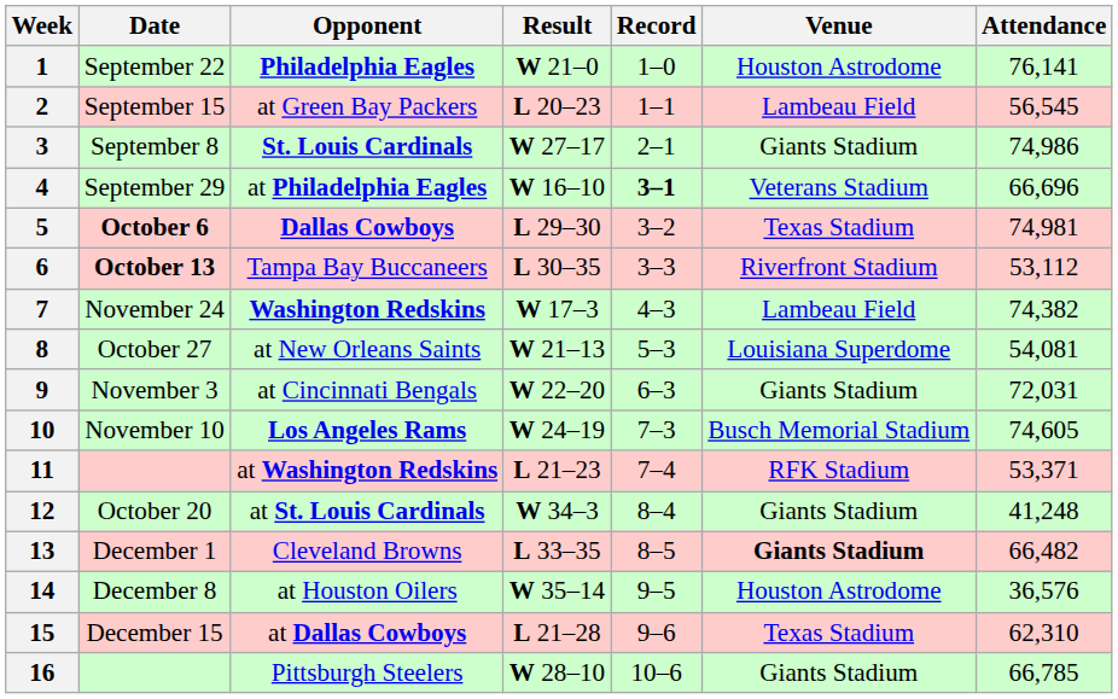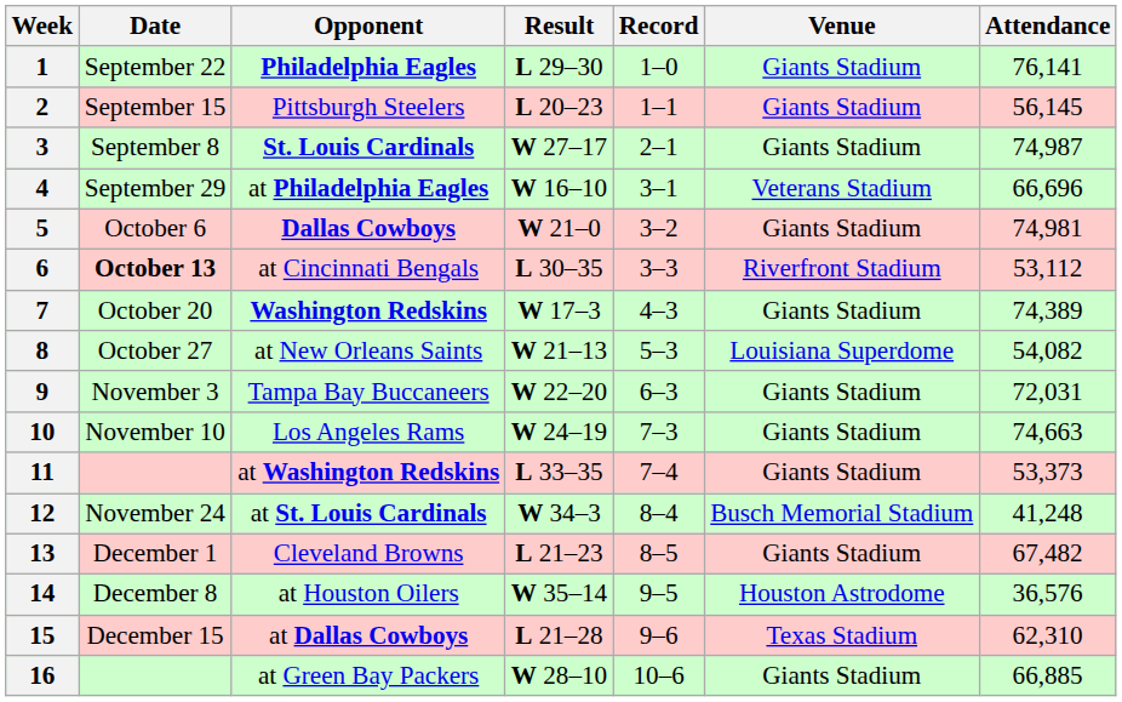 <table class="wikitable" style="text-align:center">
 <tr>
 <th>Week</th>
 <th>Date</th>
 <th>Opponent</th>
 <th>Result</th>
 <th>Record</th>
 <th>Venue</th>
 <th>Attendance</th>
 </tr>
 <tr style="background:#cfc">
 <th>1</th>
 <td>September 22</td>
 <td><strong><a href='#'>Philadelphia Eagles</a></strong></td>
-<td><strong>W</strong> 21–0</td>
+<td><strong>L</strong> 29–30</td>
 <td>1–0</td>
-<td><a href='#'>Houston Astrodome</a></td>
+<td><a href='#'>Giants Stadium</a></td>
 <td>76,141</td>
 </tr>
 <tr style="background:#fcc">
 <th>2</th>
 <td>September 15</td>
-<td>at <a href='#'>Green Bay Packers</a></td>
+<td><a href='#'>Pittsburgh Steelers</a></td>
 <td><strong>L</strong> 20–23</td>
 <td>1–1</td>
-<td><a href='#'>Lambeau Field</a></td>
-<td>56,545</td>
+<td><a href='#'>Giants Stadium</a></td>
+<td>56,145</td>
 </tr>
 <tr style="background:#cfc">
 <th>3</th>
 <td>September 8</td>
 <td><strong><a href='#'>St. Louis Cardinals</a></strong></td>
 <td><strong>W</strong> 27–17</td>
 <td>2–1</td>
 <td>Giants Stadium</td>
-<td>74,986</td>
+<td>74,987</td>
 </tr>
 <tr style="background:#cfc">
 <th>4</th>
 <td>September 29</td>
 <td>at <strong><a href='#'>Philadelphia Eagles</a></strong></td>
 <td><strong>W</strong> 16–10</td>
-<td><strong>3–1</strong></td>
+<td>3–1</td>
 <td><a href='#'>Veterans Stadium</a></td>
 <td>66,696</td>
 </tr>
 <tr style="background:#fcc">
 <th>5</th>
-<td><strong>October 6</strong></td>
+<td>October 6</td>
 <td><strong><a href='#'>Dallas Cowboys</a></strong></td>
-<td><strong>L</strong> 29–30</td>
+<td><strong>W</strong> 21–0</td>
 <td>3–2</td>
-<td><a href='#'>Texas Stadium</a></td>
+<td>Giants Stadium</td>
 <td>74,981</td>
 </tr>
 <tr style="background:#fcc">
 <th>6</th>
 <td><strong>October 13</strong></td>
-<td><a href='#'>Tampa Bay Buccaneers</a></td>
+<td>at <a href='#'>Cincinnati Bengals</a></td>
 <td><strong>L</strong> 30–35</td>
 <td>3–3</td>
 <td><a href='#'>Riverfront Stadium</a></td>
 <td>53,112</td>
 </tr>
 <tr style="background:#cfc">
 <th>7</th>
-<td>November 24</td>
+<td>October 20</td>
 <td><strong><a href='#'>Washington Redskins</a></strong></td>
 <td><strong>W</strong> 17–3</td>
 <td>4–3</td>
-<td><a href='#'>Lambeau Field</a></td>
-<td>74,382</td>
+<td>Giants Stadium</td>
+<td>74,389</td>
 </tr>
 <tr style="background:#cfc">
 <th>8</th>
 <td>October 27</td>
 <td>at <a href='#'>New Orleans Saints</a></td>
 <td><strong>W</strong> 21–13</td>
 <td>5–3</td>
 <td><a href='#'>Louisiana Superdome</a></td>
-<td>54,081</td>
+<td>54,082</td>
 </tr>
 <tr style="background:#cfc">
 <th>9</th>
 <td>November 3</td>
-<td>at <a href='#'>Cincinnati Bengals</a></td>
+<td><a href='#'>Tampa Bay Buccaneers</a></td>
 <td><strong>W</strong> 22–20</td>
 <td>6–3</td>
 <td>Giants Stadium</td>
 <td>72,031</td>
 </tr>
 <tr style="background:#cfc">
 <th>10</th>
 <td>November 10</td>
-<td><strong><a href='#'>Los Angeles Rams</a></strong></td>
+<td><a href='#'>Los Angeles Rams</a></td>
 <td><strong>W</strong> 24–19</td>
 <td>7–3</td>
-<td><a href='#'>Busch Memorial Stadium</a></td>
-<td>74,605</td>
+<td>Giants Stadium</td>
+<td>74,663</td>
 </tr>
 <tr style="background:#fcc">
 <th>11</th>
 <td></td>
 <td>at <strong><a href='#'>Washington Redskins</a></strong></td>
-<td><strong>L</strong> 21–23</td>
+<td><strong>L</strong> 33–35</td>
 <td>7–4</td>
-<td><a href='#'>RFK Stadium</a></td>
-<td>53,371</td>
+<td>Giants Stadium</td>
+<td>53,373</td>
 </tr>
 <tr style="background:#cfc">
 <th>12</th>
-<td>October 20</td>
+<td>November 24</td>
 <td>at <strong><a href='#'>St. Louis Cardinals</a></strong></td>
 <td><strong>W</strong> 34–3</td>
 <td>8–4</td>
-<td>Giants Stadium</td>
+<td><a href='#'>Busch Memorial Stadium</a></td>
 <td>41,248</td>
 </tr>
 <tr style="background:#fcc">
 <th>13</th>
 <td>December 1</td>
 <td><a href='#'>Cleveland Browns</a></td>
-<td><strong>L</strong> 33–35</td>
+<td><strong>L</strong> 21–23</td>
 <td>8–5</td>
-<td><strong>Giants Stadium</strong></td>
-<td>66,482</td>
+<td>Giants Stadium</td>
+<td>67,482</td>
 </tr>
 <tr style="background:#cfc">
 <th>14</th>
 <td>December 8</td>
 <td>at <a href='#'>Houston Oilers</a></td>
 <td><strong>W</strong> 35–14</td>
 <td>9–5</td>
 <td><a href='#'>Houston Astrodome</a></td>
 <td>36,576</td>
 </tr>
 <tr style="background:#fcc">
 <th>15</th>
 <td>December 15</td>
 <td>at <strong><a href='#'>Dallas Cowboys</a></strong></td>
 <td><strong>L</strong> 21–28</td>
 <td>9–6</td>
 <td><a href='#'>Texas Stadium</a></td>
 <td>62,310</td>
 </tr>
 <tr style="background:#cfc">
 <th>16</th>
 <td></td>
-<td><a href='#'>Pittsburgh Steelers</a></td>
+<td>at <a href='#'>Green Bay Packers</a></td>
 <td><strong>W</strong> 28–10</td>
 <td>10–6</td>
 <td>Giants Stadium</td>
-<td>66,785</td>
+<td>66,885</td>
 </tr>
 </table>
